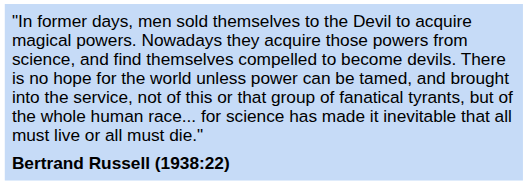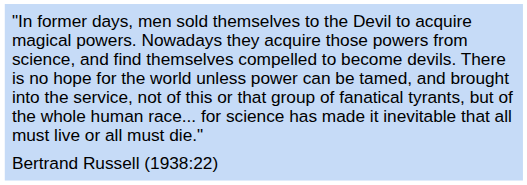 <table class="toccolours" style="float: left; margin-left: 1em; margin-right: 2em; font-size: 85%; background:#c6dbf7; color:black; width:30em; max-width: 40%;" cellspacing="5">
 <tr>
 <td style="text-align: left;">"In former days, men sold themselves to the Devil to acquire magical powers. Nowadays they acquire those powers from science, and find themselves compelled to become devils. There is no hope for the world unless power can be tamed, and brought into the service, not of this or that group of fanatical tyrants, but of the whole human race... for science has made it inevitable that all must live or all must die."</td>
 </tr>
 <tr>
-<td style="text-align: left;"><strong>Bertrand Russell (1938:22)</strong></td>
+<td style="text-align: left;">Bertrand Russell (1938:22)</td>
 </tr>
 </table>
